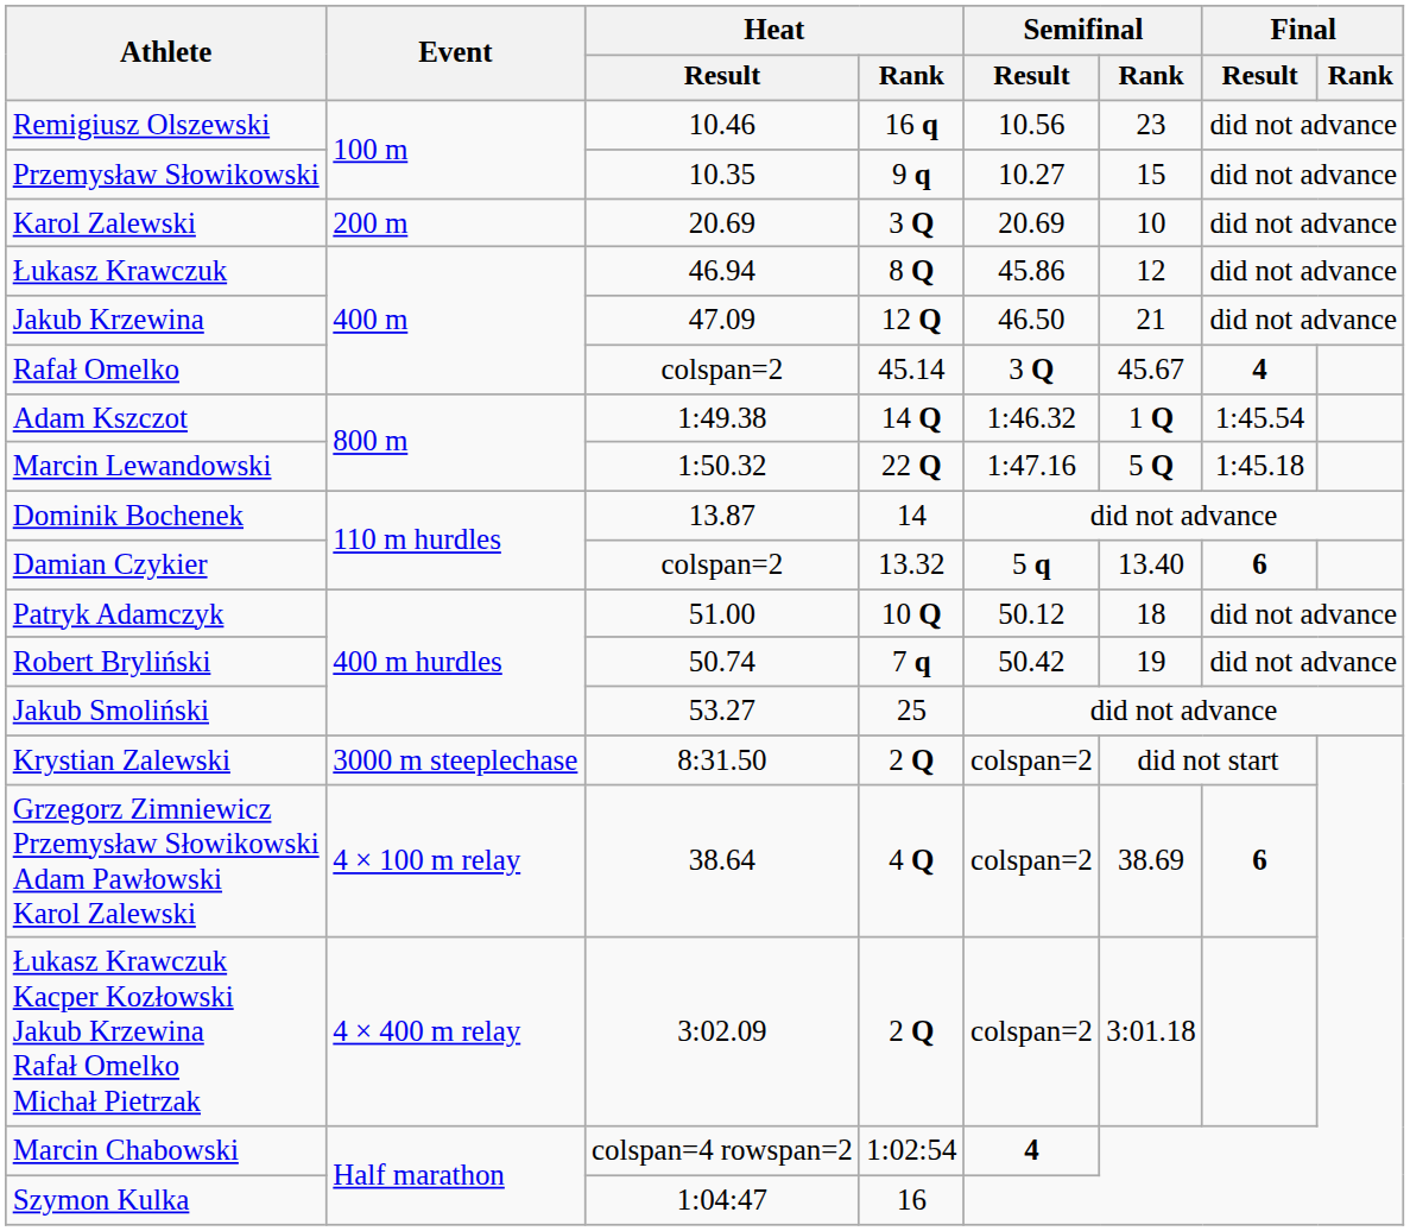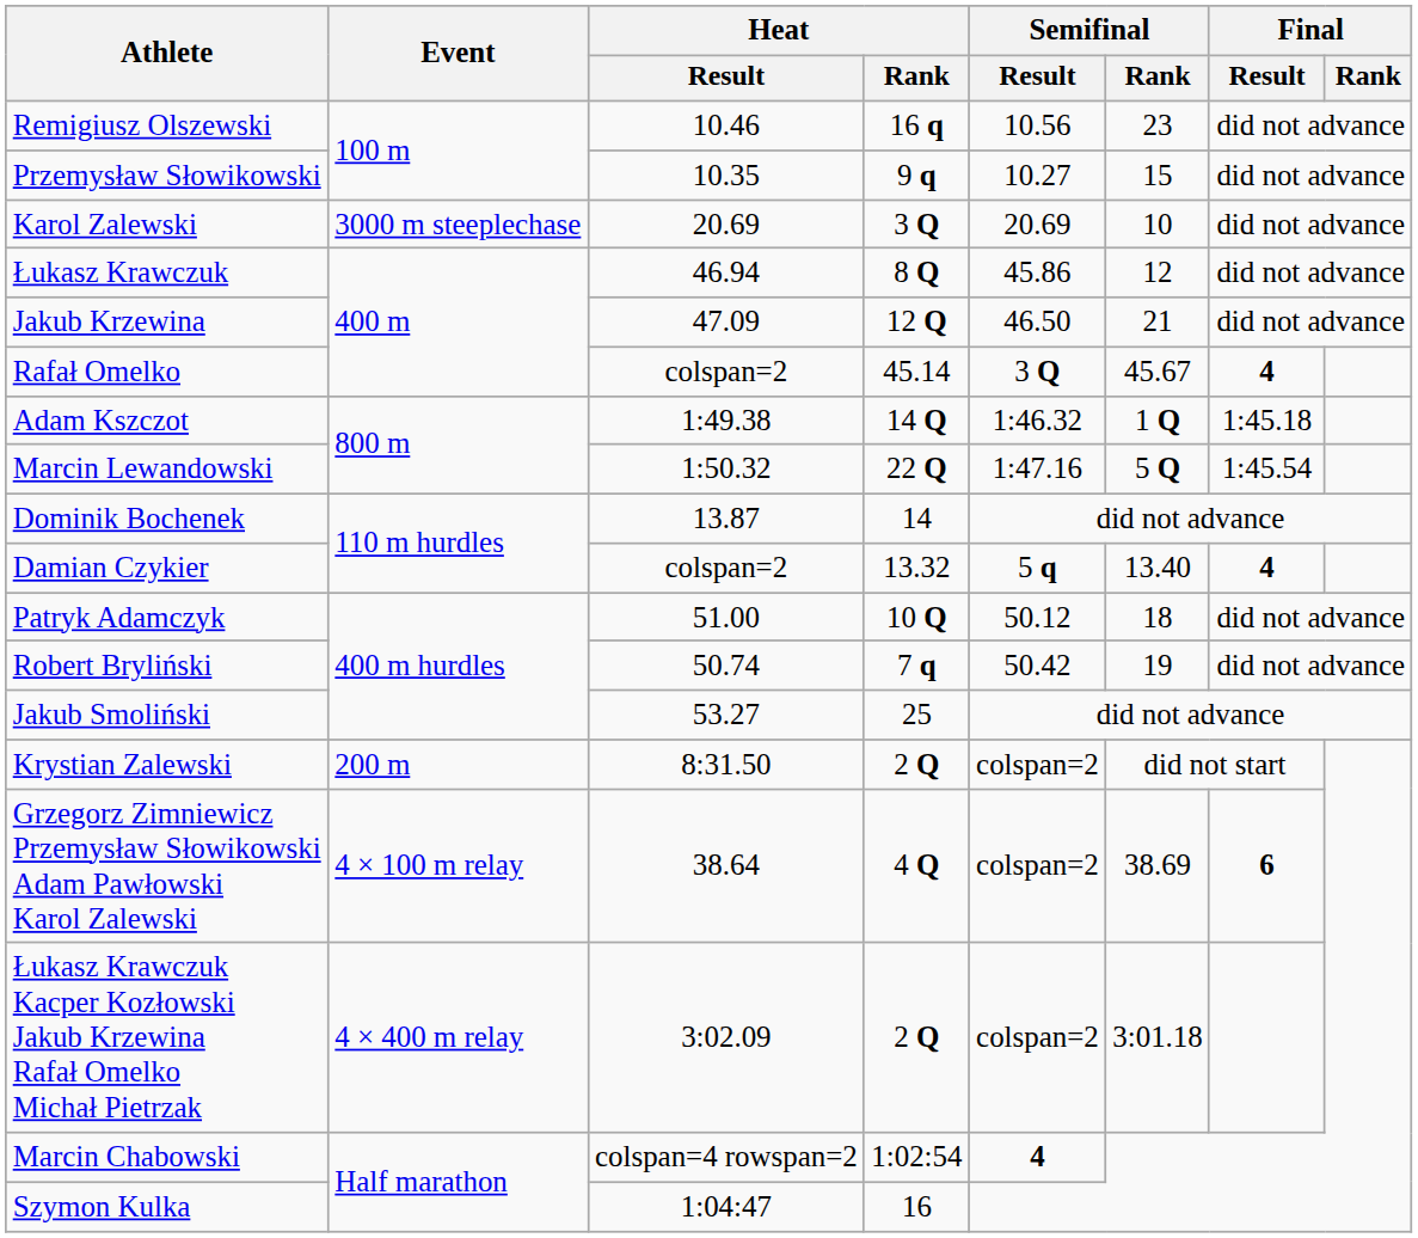 <table class="wikitable" style="font-size:90%">
 <tr>
 <th rowspan="2">Athlete</th>
 <th rowspan="2">Event</th>
 <th colspan="2">Heat</th>
 <th colspan="2">Semifinal</th>
 <th colspan="2">Final</th>
 </tr>
 <tr style="font-size:95%">
 <th>Result</th>
 <th>Rank</th>
 <th>Result</th>
 <th>Rank</th>
 <th>Result</th>
 <th>Rank</th>
 </tr>
 <tr align=center>
 <td align=left><a href='#'>Remigiusz Olszewski</a></td>
 <td align=left rowspan=2><a href='#'>100 m</a></td>
 <td>10.46</td>
 <td>16 <strong>q</strong></td>
 <td>10.56</td>
 <td>23</td>
 <td colspan=2>did not advance</td>
 </tr>
 <tr align=center>
 <td align=left><a href='#'>Przemysław Słowikowski</a></td>
 <td>10.35 <strong></strong></td>
 <td>9 <strong>q</strong></td>
 <td>10.27	<strong></strong></td>
 <td>15</td>
 <td colspan=2>did not advance</td>
 </tr>
 <tr align=center>
 <td align=left><a href='#'>Karol Zalewski</a></td>
-<td align=left><a href='#'>200 m</a></td>
+<td align=left><a href='#'>3000 m steeplechase</a></td>
 <td>20.69</td>
 <td>3 <strong>Q</strong></td>
 <td>20.69</td>
 <td>10</td>
 <td colspan=2>did not advance</td>
 </tr>
 <tr align=center>
 <td align=left><a href='#'>Łukasz Krawczuk</a></td>
 <td align=left rowspan=3><a href='#'>400 m</a></td>
 <td>46.94</td>
 <td>8 <strong>Q</strong></td>
 <td>45.86</td>
 <td>12</td>
 <td colspan=2>did not advance</td>
 </tr>
 <tr align=center>
 <td align=left><a href='#'>Jakub Krzewina</a></td>
 <td>47.09</td>
 <td>12 <strong>Q</strong></td>
 <td>46.50</td>
 <td>21</td>
 <td colspan=2>did not advance</td>
 </tr>
 <tr align=center>
 <td align=left><a href='#'>Rafał Omelko</a></td>
 <td>colspan=2 </td>
 <td>45.14 <strong></strong></td>
 <td>3 <strong>Q</strong></td>
 <td>45.67</td>
 <td><strong>4</strong></td>
 </tr>
 <tr align=center>
 <td align=left><a href='#'>Adam Kszczot</a></td>
 <td align=left rowspan=2><a href='#'>800 m</a></td>
 <td>1:49.38</td>
 <td>14 <strong>Q</strong></td>
 <td>1:46.32</td>
 <td>1 <strong>Q</strong></td>
-<td>1:45.54</td>
+<td>1:45.18</td>
 <td></td>
 </tr>
 <tr align=center>
 <td align=left><a href='#'>Marcin Lewandowski</a></td>
 <td>1:50.32</td>
 <td>22 <strong>Q</strong></td>
 <td>1:47.16</td>
 <td>5 <strong>Q</strong></td>
-<td>1:45.18</td>
+<td>1:45.54</td>
 <td></td>
 </tr>
 <tr align=center>
 <td align=left><a href='#'>Dominik Bochenek</a></td>
 <td align=left  rowspan=2><a href='#'>110 m hurdles</a></td>
 <td>13.87</td>
 <td>14</td>
 <td colspan=4>did not advance</td>
 </tr>
 <tr align=center>
 <td align=left><a href='#'>Damian Czykier</a></td>
 <td>colspan=2 </td>
 <td>13.32 <strong></strong></td>
 <td>5 <strong>q</strong></td>
 <td>13.40</td>
-<td><strong>6</strong></td>
+<td><strong>4</strong></td>
 </tr>
 <tr align=center>
 <td align=left><a href='#'>Patryk Adamczyk</a></td>
 <td align=left rowspan=3><a href='#'>400 m hurdles</a></td>
 <td>51.00</td>
 <td>10 <strong>Q</strong></td>
 <td>50.12</td>
 <td>18</td>
 <td colspan=2>did not advance</td>
 </tr>
 <tr align=center>
 <td align=left><a href='#'>Robert Bryliński</a></td>
 <td>50.74</td>
 <td>7 <strong>q</strong></td>
 <td>50.42</td>
 <td>19</td>
 <td colspan=2>did not advance</td>
 </tr>
 <tr align=center>
 <td align=left><a href='#'>Jakub Smoliński</a></td>
 <td>53.27</td>
 <td>25</td>
 <td colspan=4>did not advance</td>
 </tr>
 <tr align=center>
 <td align=left><a href='#'>Krystian Zalewski</a></td>
-<td align=left><a href='#'>3000 m steeplechase</a></td>
+<td align=left><a href='#'>200 m</a></td>
 <td>8:31.50</td>
 <td>2 <strong>Q</strong></td>
 <td>colspan=2 </td>
 <td colspan=2>did not start</td>
 </tr>
 <tr align="center">
 <td align=left><a href='#'>Grzegorz Zimniewicz</a><br><a href='#'>Przemysław Słowikowski</a><br><a href='#'>Adam Pawłowski</a><br><a href='#'>Karol Zalewski</a></td>
 <td align=left><a href='#'>4 × 100 m relay</a></td>
 <td>38.64</td>
 <td>4 <strong>Q</strong></td>
 <td>colspan=2 </td>
 <td>38.69</td>
 <td><strong>6</strong></td>
 </tr>
 <tr align="center">
 <td align=left><a href='#'>Łukasz Krawczuk</a><br><a href='#'>Kacper Kozłowski</a><br><a href='#'>Jakub Krzewina</a><br><a href='#'>Rafał Omelko</a> <br><a href='#'>Michał Pietrzak</a> </td>
 <td align=left><a href='#'>4 × 400 m relay</a></td>
 <td>3:02.09</td>
 <td>2 <strong>Q</strong></td>
 <td>colspan=2 </td>
 <td>3:01.18</td>
 <td></td>
 </tr>
 <tr align=center>
 <td align=left><a href='#'>Marcin Chabowski</a></td>
 <td align=left rowspan=2><a href='#'>Half marathon</a></td>
 <td>colspan=4 rowspan=2 </td>
 <td>1:02:54 <strong></strong></td>
 <td><strong>4</strong></td>
 </tr>
 <tr align=center>
 <td align=left><a href='#'>Szymon Kulka</a></td>
 <td>1:04:47</td>
 <td>16</td>
 </tr>
 </table>
